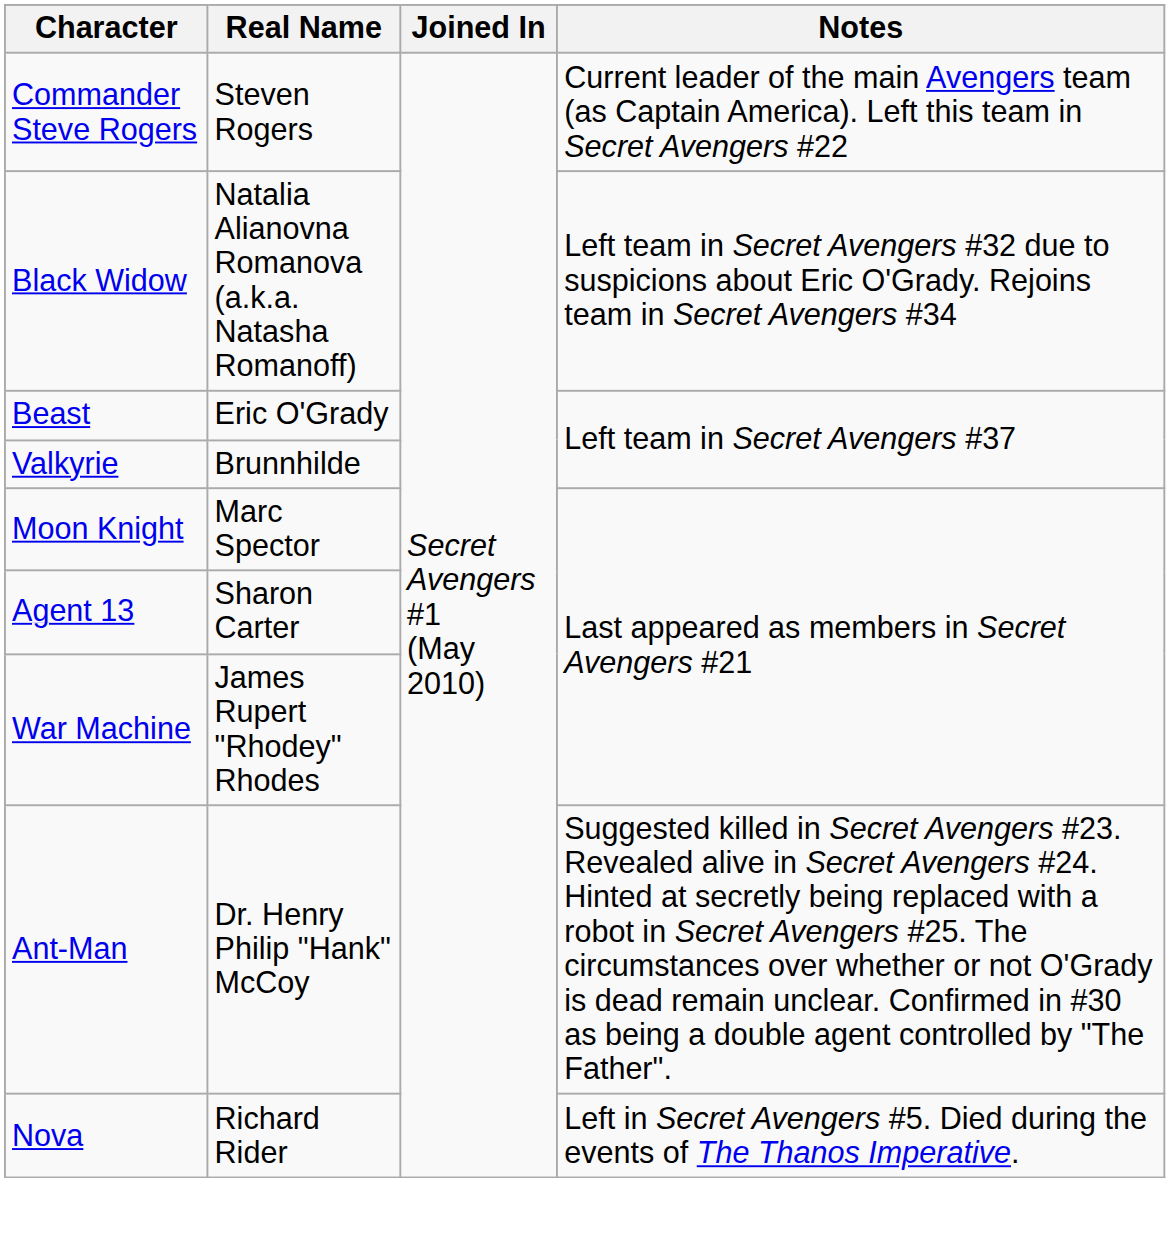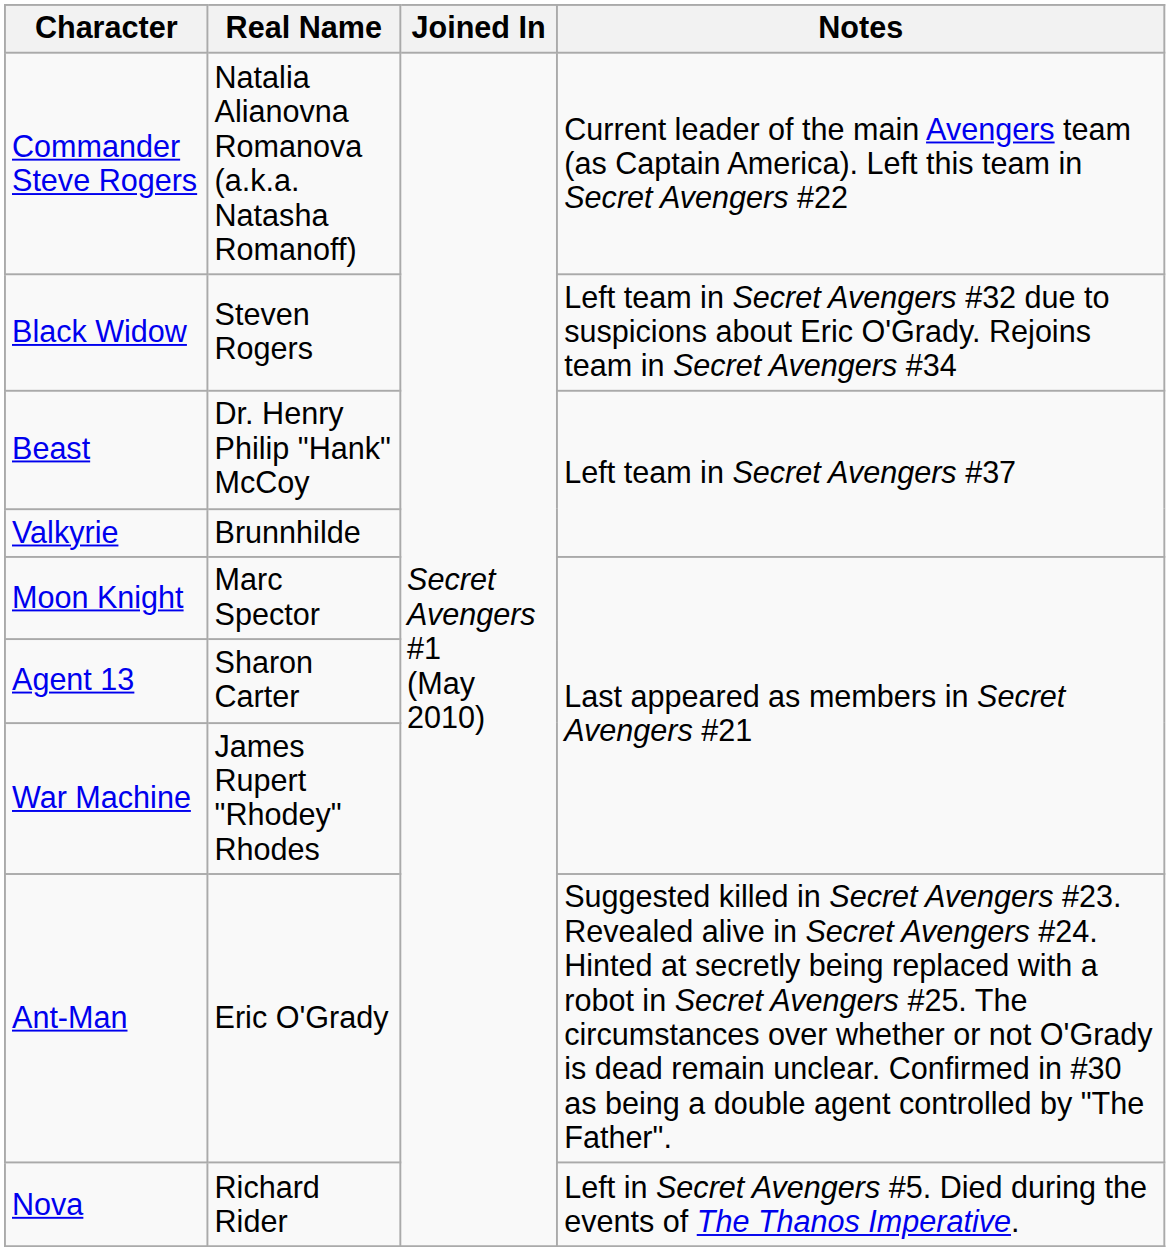 <table class="wikitable plainrowheaders" style="text-align:left;">
 <tr>
 <th scope="col">Character</th>
 <th scope="col">Real Name</th>
 <th scope="col">Joined In</th>
 <th scope="col">Notes</th>
 </tr>
 <tr>
 <td><a href='#'>Commander Steve Rogers</a></td>
-<td>Steven Rogers</td>
+<td>Natalia Alianovna Romanova<br>(a.k.a. Natasha Romanoff)</td>
 <td rowspan="9"><em>Secret Avengers</em> #1<br>(May 2010)</td>
 <td>Current leader of the main <a href='#'>Avengers</a> team (as Captain America). Left this team in <em>Secret Avengers</em> #22</td>
 </tr>
 <tr>
 <td><a href='#'>Black Widow</a></td>
-<td>Natalia Alianovna Romanova<br>(a.k.a. Natasha Romanoff)</td>
+<td>Steven Rogers</td>
 <td>Left team in <em>Secret Avengers</em> #32 due to suspicions about Eric O'Grady. Rejoins team in <em>Secret Avengers</em> #34</td>
 </tr>
 <tr>
 <td><a href='#'>Beast</a></td>
-<td>Eric O'Grady</td>
+<td>Dr. Henry Philip "Hank" McCoy</td>
 <td rowspan="2">Left team in <em>Secret Avengers</em> #37</td>
 </tr>
 <tr>
 <td><a href='#'>Valkyrie</a></td>
 <td>Brunnhilde</td>
 </tr>
 <tr>
 <td><a href='#'>Moon Knight</a></td>
 <td>Marc Spector</td>
 <td rowspan="3">Last appeared as members in <em>Secret Avengers</em> #21</td>
 </tr>
 <tr>
 <td><a href='#'>Agent 13</a></td>
 <td>Sharon Carter</td>
 </tr>
 <tr>
 <td><a href='#'>War Machine</a></td>
 <td>James Rupert "Rhodey" Rhodes</td>
 </tr>
 <tr>
 <td><a href='#'>Ant-Man</a></td>
-<td>Dr. Henry Philip "Hank" McCoy</td>
+<td>Eric O'Grady</td>
 <td>Suggested killed in <em>Secret Avengers</em> #23. Revealed alive in <em>Secret Avengers</em> #24. Hinted at secretly being replaced with a robot in <em>Secret Avengers</em> #25. The circumstances over whether or not O'Grady is dead remain unclear. Confirmed in #30 as being a double agent controlled by "The Father".</td>
 </tr>
 <tr>
 <td><a href='#'>Nova</a></td>
 <td>Richard Rider</td>
 <td>Left in <em>Secret Avengers</em> #5. Died during the events of <em><a href='#'>The Thanos Imperative</a></em>.</td>
 </tr>
 <tr>
 </tr>
 </table>
